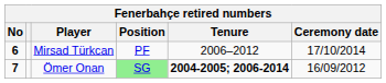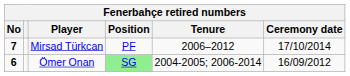 <table class="wikitable sortable" style="text-align:center">
 <tr>
 <th colspan="6">Fenerbahçe retired numbers</th>
 </tr>
 <tr>
 <th>No</th>
 <th></th>
 <th>Player</th>
 <th>Position</th>
 <th>Tenure</th>
 <th>Ceremony date</th>
 </tr>
 <tr>
-<td><strong>6</strong></td>
+<td><strong>7</strong></td>
 <td></td>
 <td><a href='#'>Mirsad Türkcan</a></td>
 <td><a href='#'>PF</a></td>
 <td>2006–2012</td>
 <td>17/10/2014</td>
 </tr>
 <tr>
-<td><strong>7</strong></td>
+<td><strong>6</strong></td>
 <td></td>
 <td><a href='#'>Ömer Onan</a></td>
 <td style="background: lightgreen;"><a href='#'>SG</a></td>
-<td><strong>2004-2005; 2006-2014</strong></td>
+<td>2004-2005; 2006-2014</td>
 <td>16/09/2012</td>
 </tr>
 </table>
